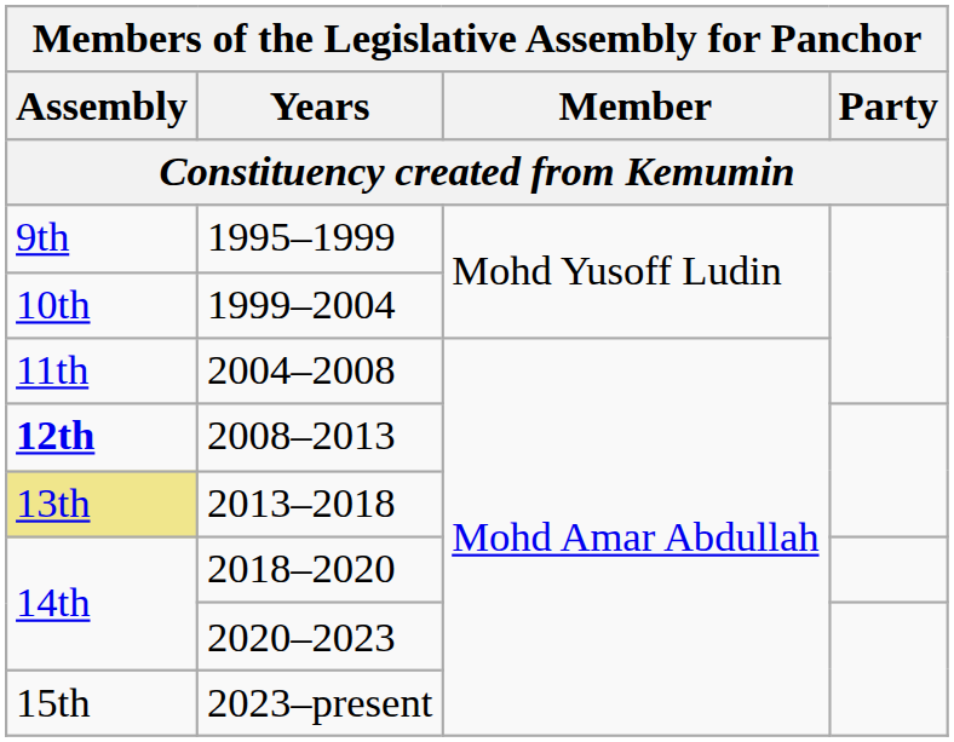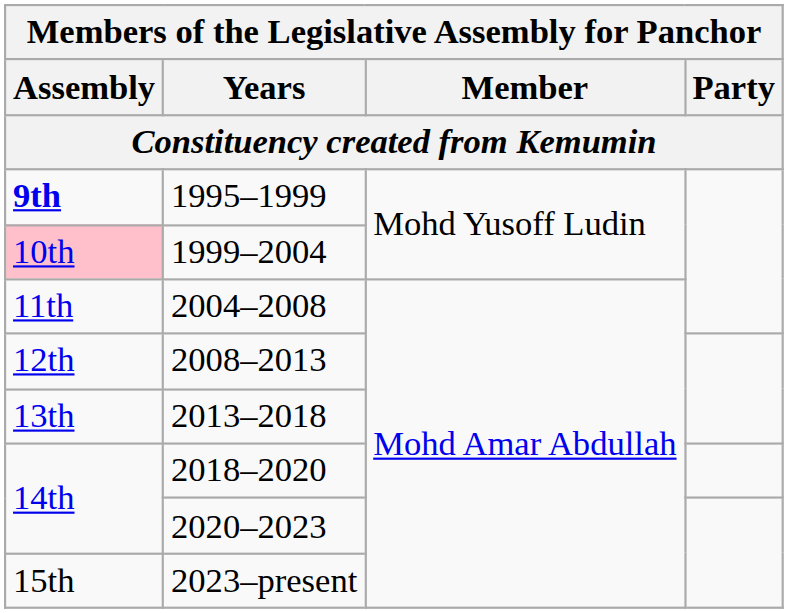 <table class="wikitable">
 <tr>
 <th colspan="4">Members of the Legislative Assembly for Panchor</th>
 </tr>
 <tr>
 <th>Assembly</th>
 <th>Years</th>
 <th>Member</th>
 <th>Party</th>
 </tr>
 <tr>
 <th colspan="4" align="center"><em>Constituency created from Kemumin</em></th>
 </tr>
 <tr>
-<td><a href='#'>9th</a></td>
+<td><strong><a href='#'>9th</a></strong></td>
 <td>1995–1999</td>
 <td rowspan="2">Mohd Yusoff Ludin</td>
 <td rowspan="3"></td>
 </tr>
 <tr>
-<td><a href='#'>10th</a></td>
+<td style="background: pink;"><a href='#'>10th</a></td>
 <td>1999–2004</td>
 </tr>
 <tr>
 <td><a href='#'>11th</a></td>
 <td>2004–2008</td>
 <td rowspan="6"><a href='#'>Mohd Amar Abdullah</a></td>
 </tr>
 <tr>
-<td><strong><a href='#'>12th</a></strong></td>
+<td><a href='#'>12th</a></td>
 <td>2008–2013</td>
 <td rowspan=2></td>
 </tr>
 <tr>
-<td style="background: khaki;"><a href='#'>13th</a></td>
+<td><a href='#'>13th</a></td>
 <td>2013–2018</td>
 </tr>
 <tr>
 <td rowspan="2"><a href='#'>14th</a></td>
 <td>2018–2020</td>
 <td></td>
 </tr>
 <tr>
 <td>2020–2023</td>
 <td rowspan=2></td>
 </tr>
 <tr>
 <td>15th</td>
 <td>2023–present</td>
 </tr>
 </table>
